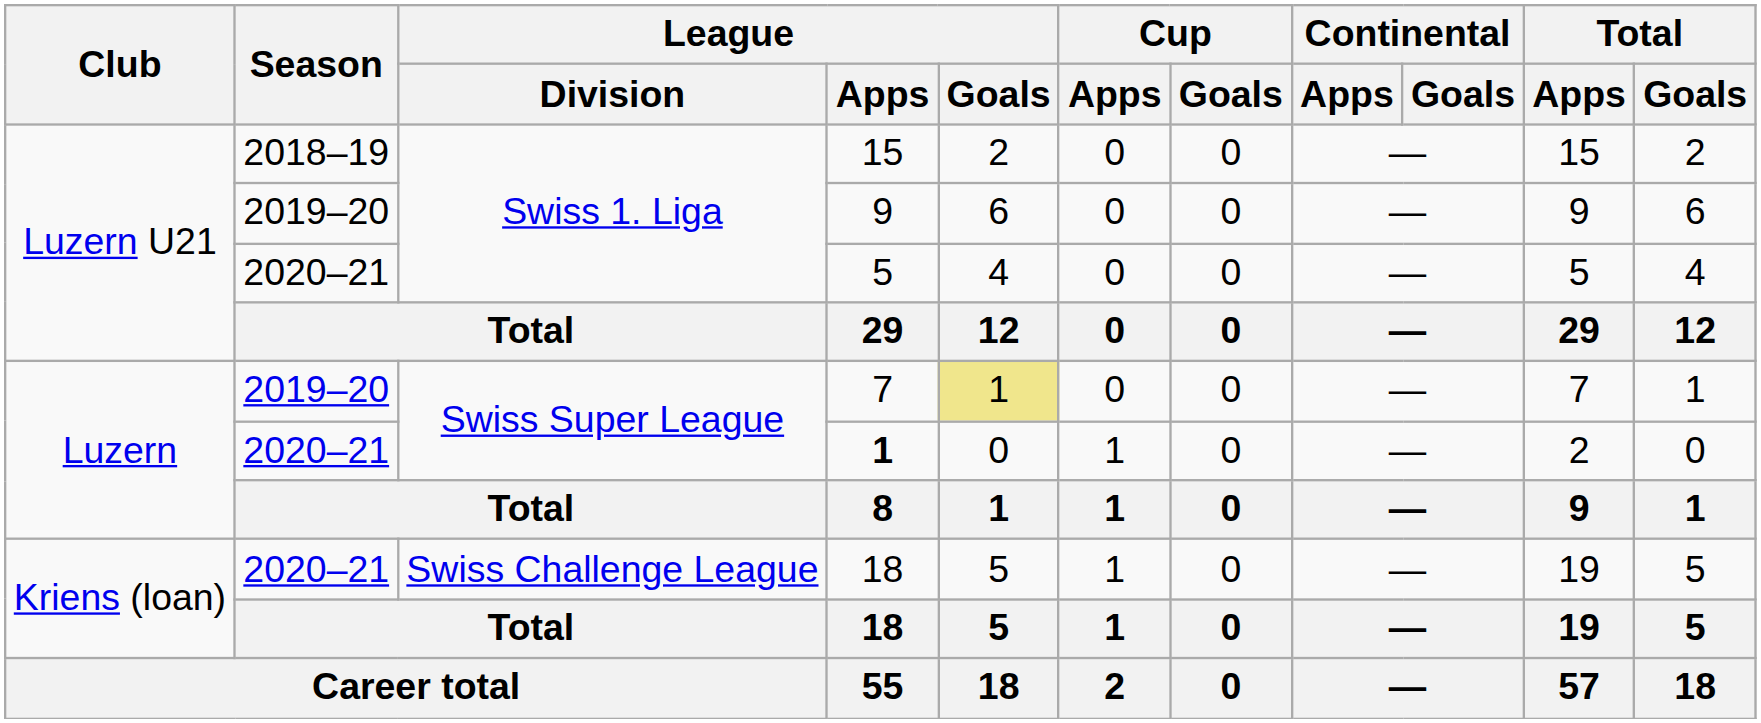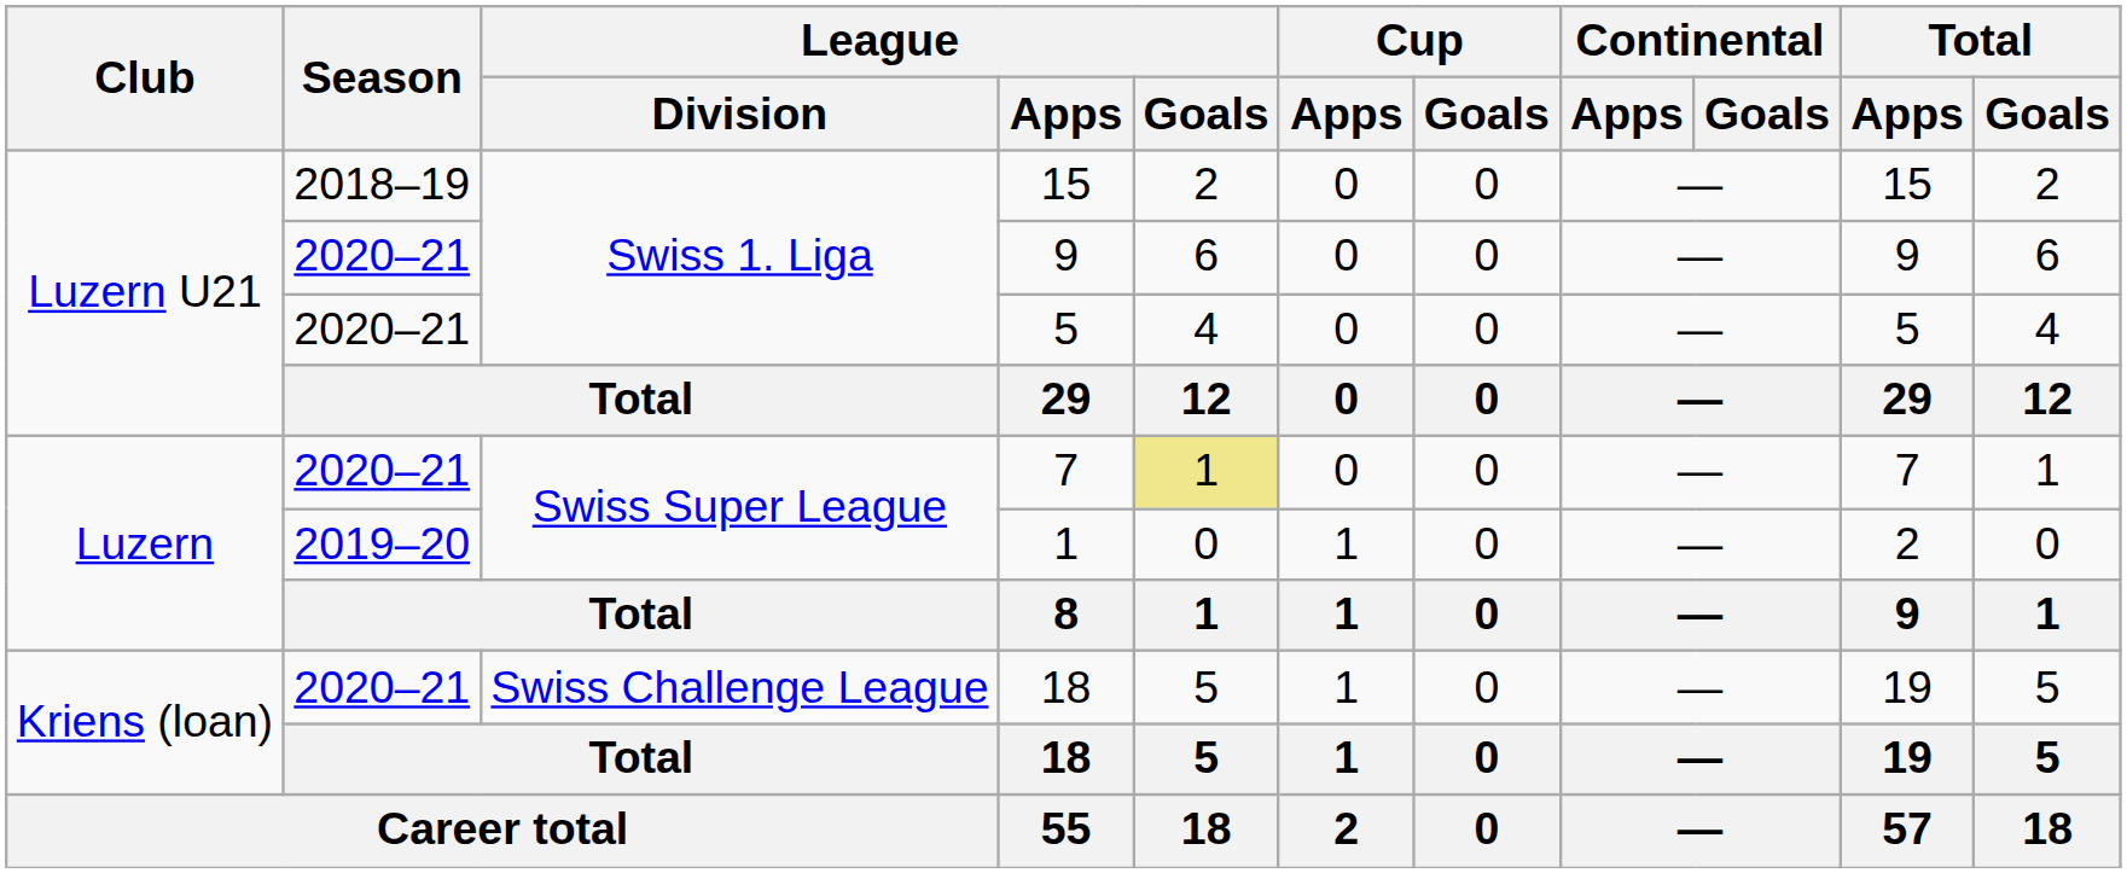 <table class="wikitable" style="text-align:center">
 <tr>
 <th rowspan="2">Club</th>
 <th rowspan="2">Season</th>
 <th colspan="3">League</th>
 <th colspan="2">Cup</th>
 <th colspan="2">Continental</th>
 <th colspan="2">Total</th>
 </tr>
 <tr>
 <th>Division</th>
 <th>Apps</th>
 <th>Goals</th>
 <th>Apps</th>
 <th>Goals</th>
 <th>Apps</th>
 <th>Goals</th>
 <th>Apps</th>
 <th>Goals</th>
 </tr>
 <tr>
 <td rowspan="4"><a href='#'>Luzern</a> U21</td>
 <td>2018–19</td>
 <td rowspan="3"><a href='#'>Swiss 1. Liga</a></td>
 <td>15</td>
 <td>2</td>
 <td>0</td>
 <td>0</td>
 <td colspan="2">—</td>
 <td>15</td>
 <td>2</td>
 </tr>
 <tr>
-<td>2019–20</td>
+<td><a href='#'>2020–21</a></td>
 <td>9</td>
 <td>6</td>
 <td>0</td>
 <td>0</td>
 <td colspan="2">—</td>
 <td>9</td>
 <td>6</td>
 </tr>
 <tr>
 <td>2020–21</td>
 <td>5</td>
 <td>4</td>
 <td>0</td>
 <td>0</td>
 <td colspan="2">—</td>
 <td>5</td>
 <td>4</td>
 </tr>
 <tr>
 <th colspan="2">Total</th>
 <th>29</th>
 <th>12</th>
 <th>0</th>
 <th>0</th>
 <th colspan="2">—</th>
 <th>29</th>
 <th>12</th>
 </tr>
 <tr>
 <td rowspan="3"><a href='#'>Luzern</a></td>
-<td><a href='#'>2019–20</a></td>
+<td><a href='#'>2020–21</a></td>
 <td rowspan="2"><a href='#'>Swiss Super League</a></td>
 <td>7</td>
 <td style="background: khaki;">1</td>
 <td>0</td>
 <td>0</td>
 <td colspan="2">—</td>
 <td>7</td>
 <td>1</td>
 </tr>
 <tr>
-<td><a href='#'>2020–21</a></td>
-<td><strong>1</strong></td>
+<td><a href='#'>2019–20</a></td>
+<td>1</td>
 <td>0</td>
 <td>1</td>
 <td>0</td>
 <td colspan="2">—</td>
 <td>2</td>
 <td>0</td>
 </tr>
 <tr>
 <th colspan="2">Total</th>
 <th>8</th>
 <th>1</th>
 <th>1</th>
 <th>0</th>
 <th colspan="2">—</th>
 <th>9</th>
 <th>1</th>
 </tr>
 <tr>
 <td rowspan="2"><a href='#'>Kriens</a> (loan)</td>
 <td><a href='#'>2020–21</a></td>
 <td><a href='#'>Swiss Challenge League</a></td>
 <td>18</td>
 <td>5</td>
 <td>1</td>
 <td>0</td>
 <td colspan="2">—</td>
 <td>19</td>
 <td>5</td>
 </tr>
 <tr>
 <th colspan="2">Total</th>
 <th>18</th>
 <th>5</th>
 <th>1</th>
 <th>0</th>
 <th colspan="2">—</th>
 <th>19</th>
 <th>5</th>
 </tr>
 <tr>
 <th colspan="3">Career total</th>
 <th>55</th>
 <th>18</th>
 <th>2</th>
 <th>0</th>
 <th colspan="2">—</th>
 <th>57</th>
 <th>18</th>
 </tr>
 </table>
